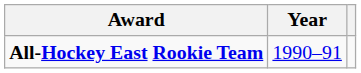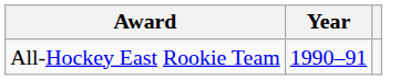 <table class="wikitable">
 <tr>
 <th>Award</th>
 <th>Year</th>
 <th></th>
 </tr>
 <tr>
-<td><strong>All-<a href='#'>Hockey East</a> <a href='#'>Rookie Team</a></strong></td>
+<td>All-<a href='#'>Hockey East</a> <a href='#'>Rookie Team</a></td>
 <td><a href='#'>1990–91</a></td>
 <td></td>
 </tr>
 </table>
